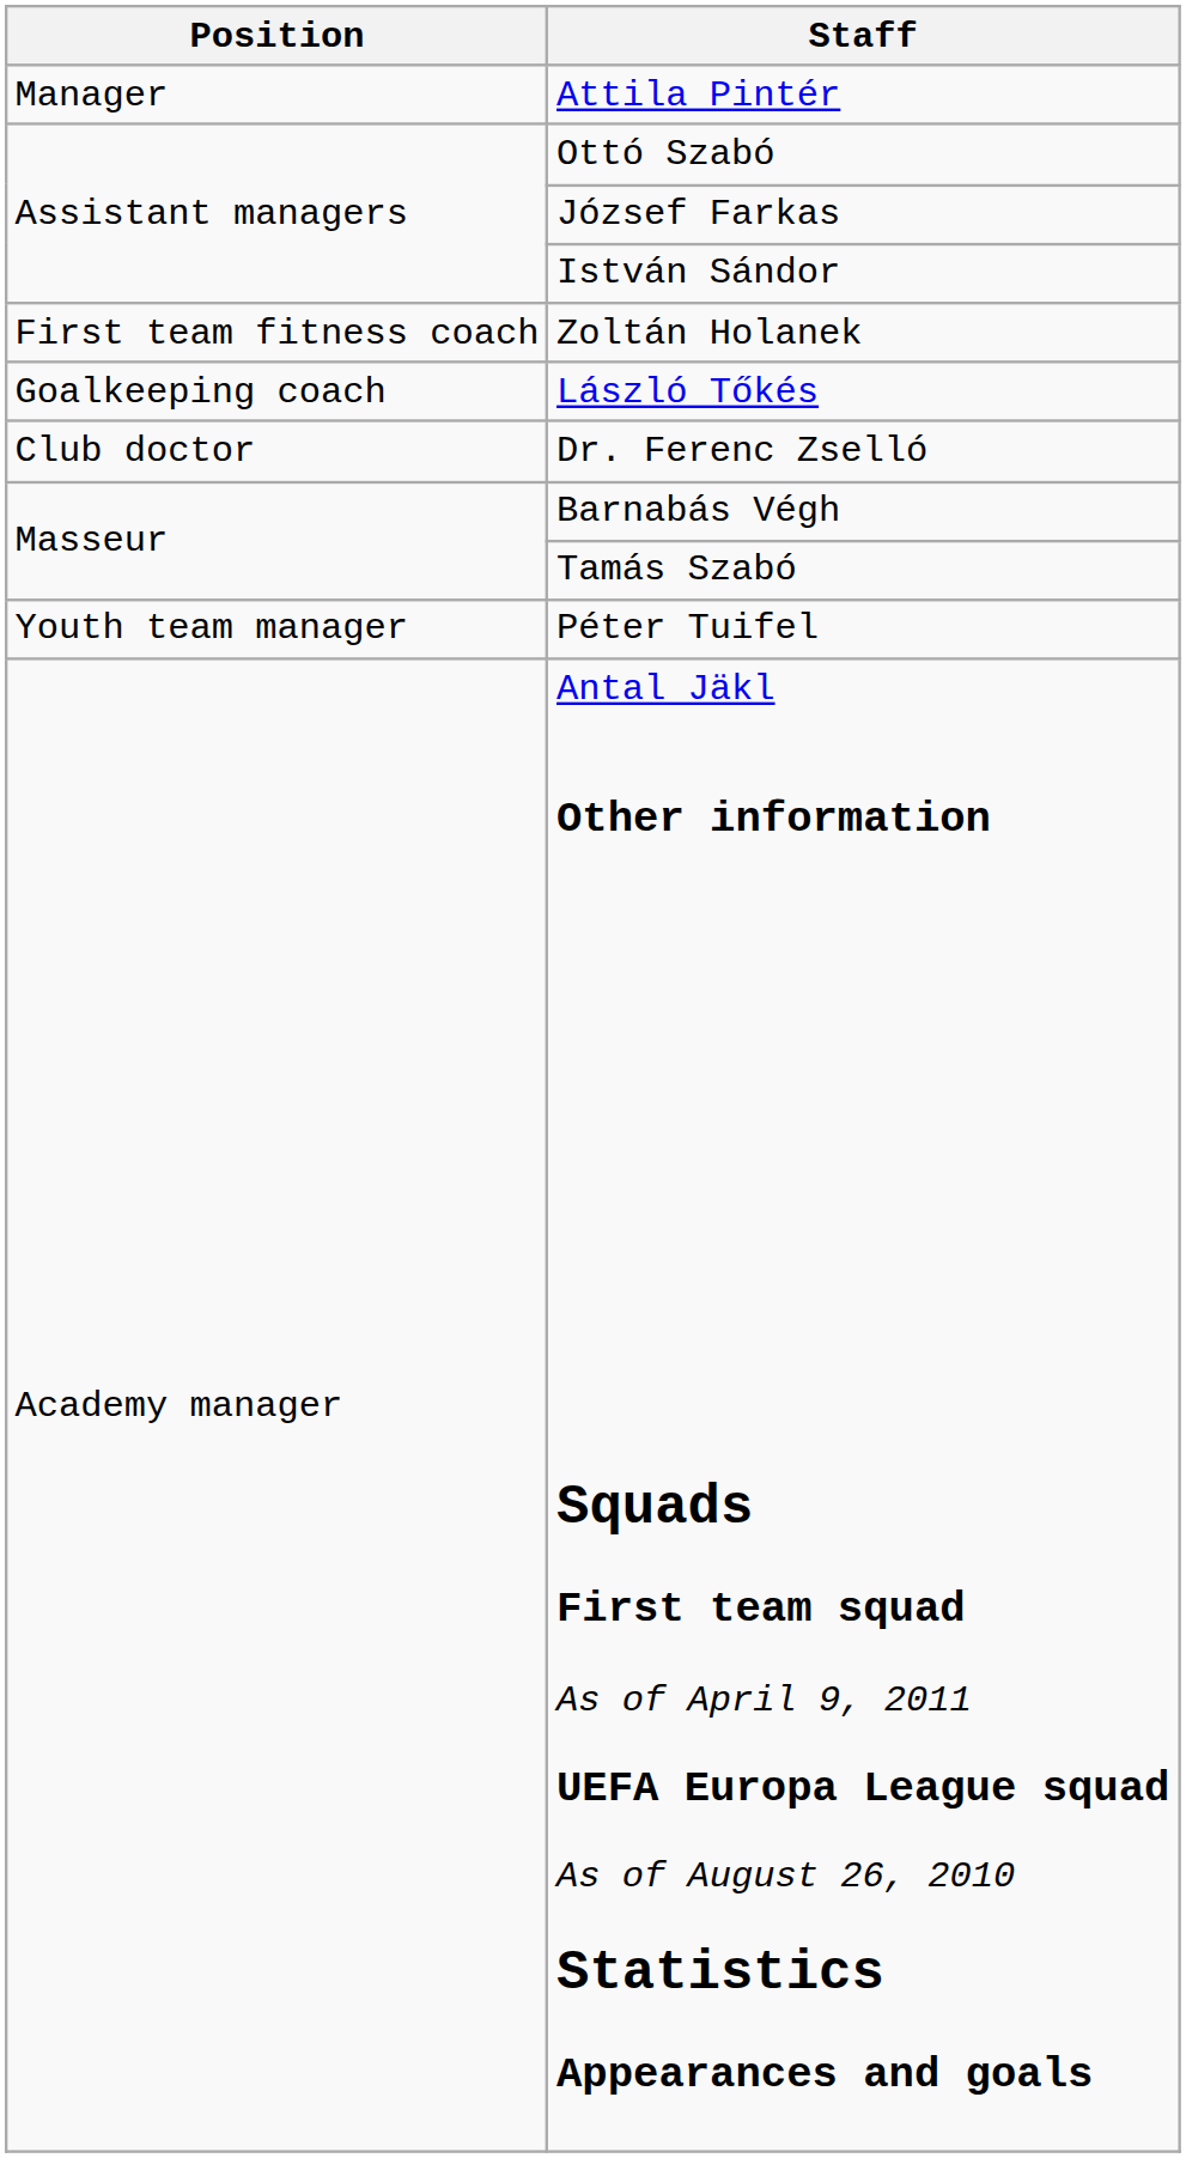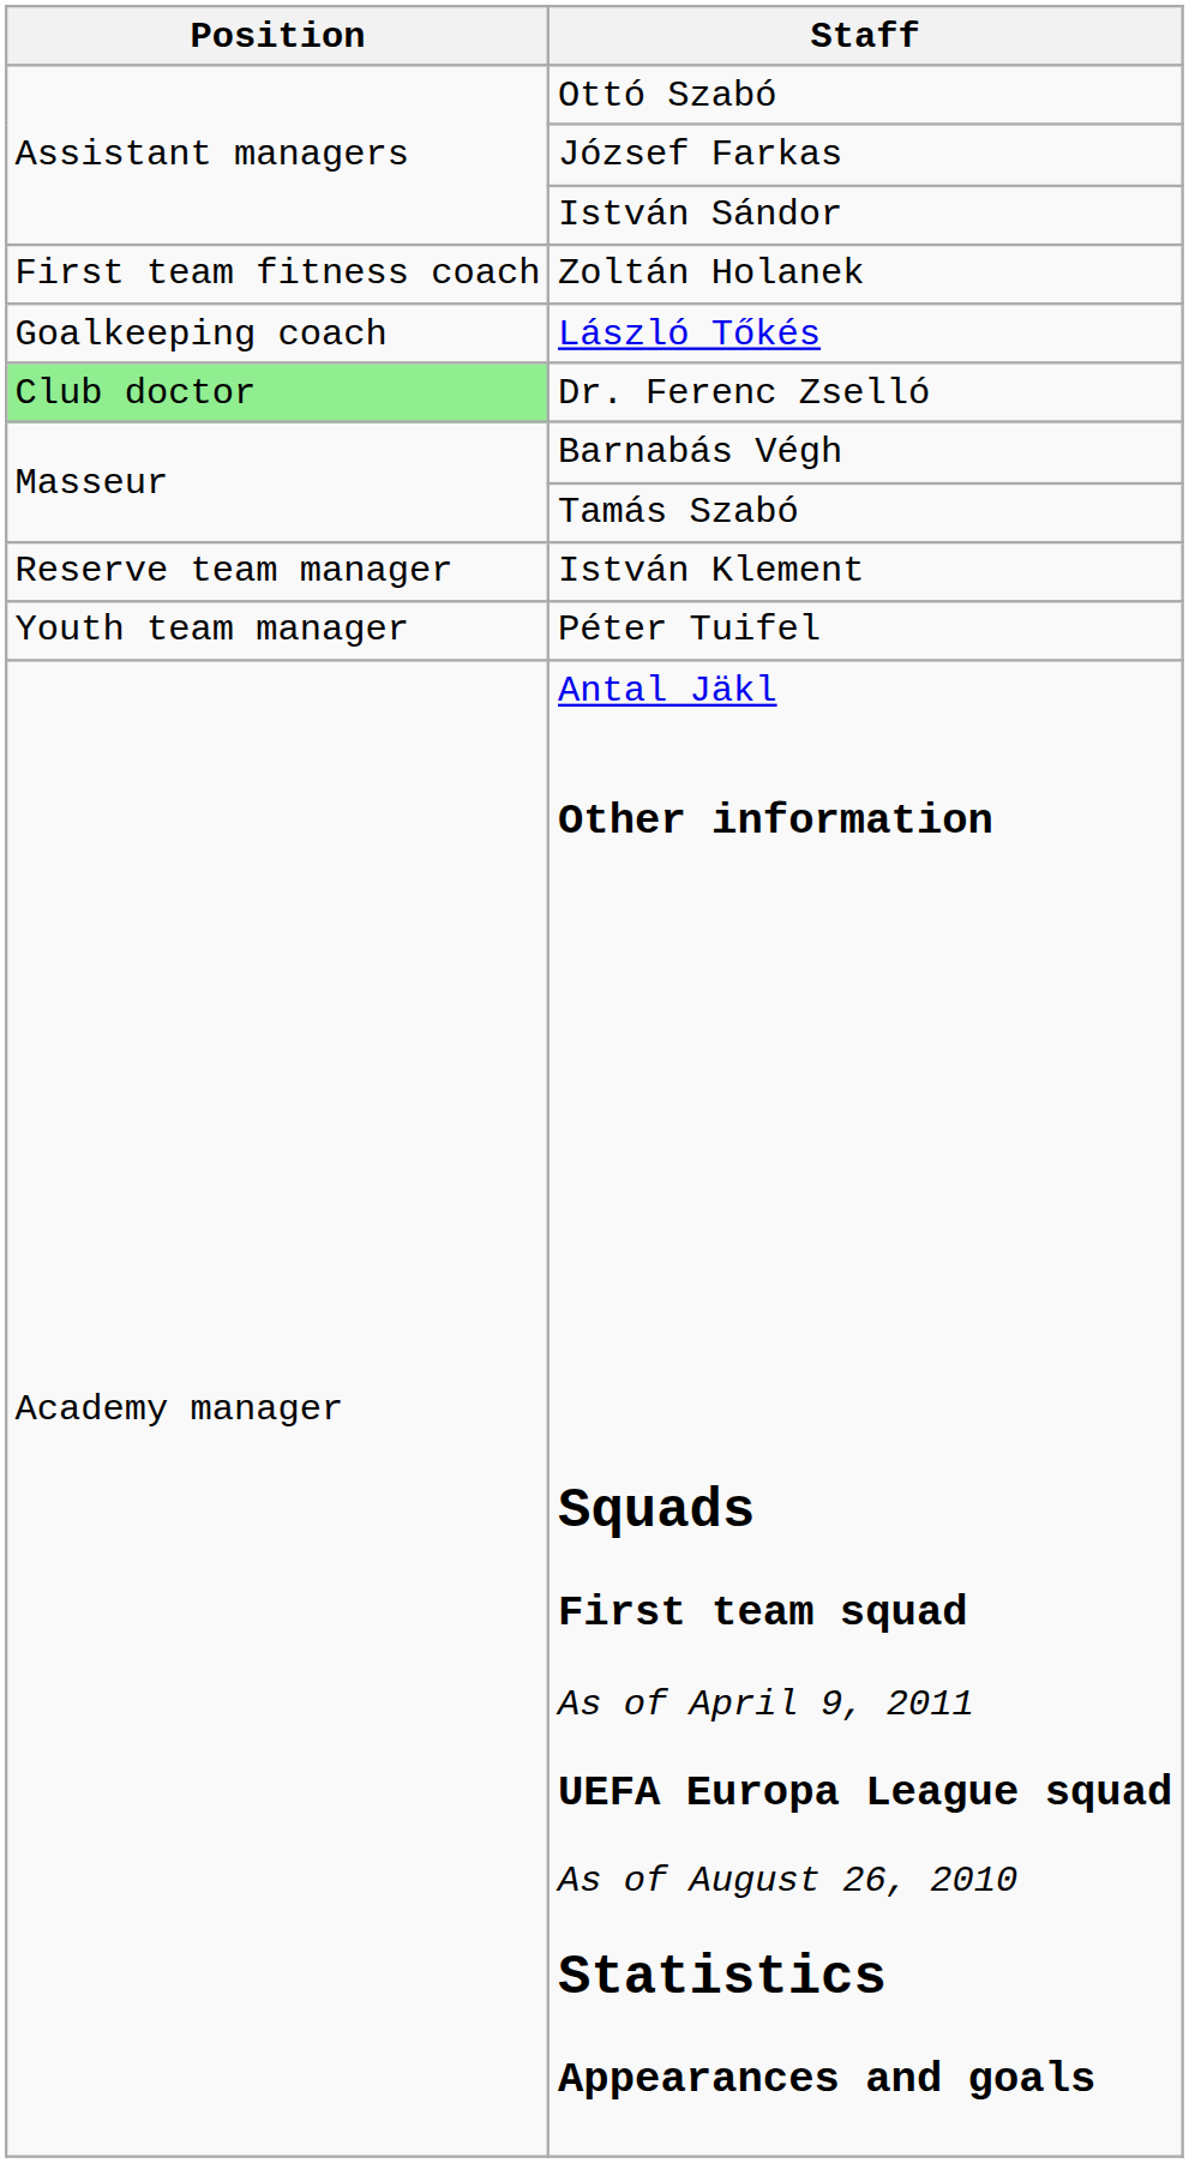 <table class="wikitable">
 <tr>
 <th>Position</th>
 <th>Staff</th>
-</tr>
-<tr>
-<td>Manager</td>
-<td> <a href='#'>Attila Pintér</a></td>
 </tr>
 <tr>
 <td rowspan="3">Assistant managers</td>
 <td>  Ottó Szabó</td>
 </tr>
 <tr>
 <td> József Farkas</td>
 </tr>
 <tr>
 <td> István Sándor</td>
 </tr>
 <tr>
 <td>First team fitness coach</td>
 <td> Zoltán Holanek</td>
 </tr>
 <tr>
 <td>Goalkeeping coach</td>
 <td> <a href='#'>László Tőkés</a></td>
 </tr>
 <tr>
-<td rowspan="1">Club doctor</td>
+<td rowspan="1" style="background: lightgreen;">Club doctor</td>
 <td> Dr. Ferenc Zselló</td>
 </tr>
 <tr>
 <td rowspan="2">Masseur</td>
 <td> Barnabás Végh</td>
 </tr>
 <tr>
 <td> Tamás Szabó</td>
 </tr>
 <tr>
+<td>Reserve team manager</td>
+<td> István Klement</td>
+</tr>
+<tr>
 <td>Youth team manager</td>
 <td> Péter Tuifel</td>
 </tr>
 <tr>
 <td>Academy manager</td>
 <td> <a href='#'>Antal Jäkl</a><br><br><h3>Other information</h3><br><br><br><br><br><br><br><br><br><br><br><br><br><h2>Squads</h2><h3>First team squad</h3><em>As of April 9, 2011</em><br>                                 <h3>UEFA Europa League squad</h3><em>As of August 26, 2010</em><br>                         <h2>Statistics</h2><h3>Appearances and goals</h3>                                </td>
 </tr>
 </table>
